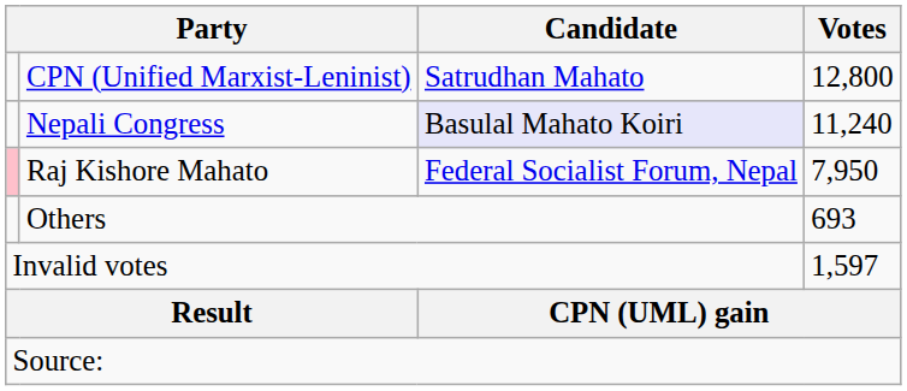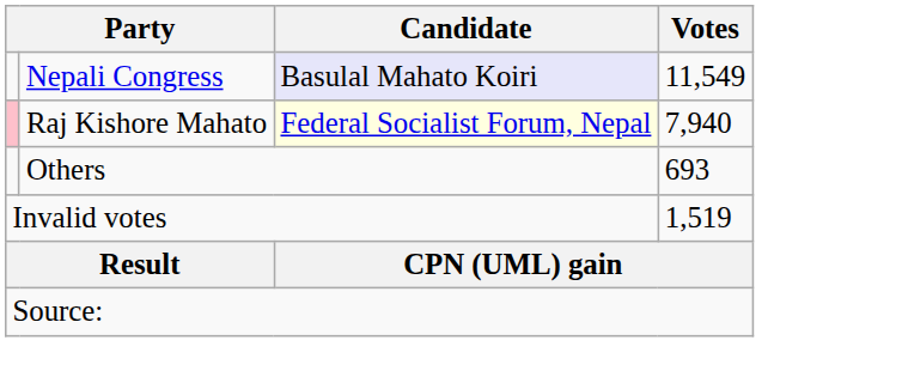 <table class="wikitable">
 <tr>
 <th colspan="2">Party</th>
 <th>Candidate</th>
 <th>Votes</th>
 </tr>
 <tr>
 <td style="background-color:"></td>
-<td><a href='#'>CPN (Unified Marxist-Leninist)</a></td>
-<td><a href='#'>Satrudhan Mahato</a></td>
-<td>12,800</td>
-</tr>
-<tr>
-<td style="background-color:"></td>
 <td><a href='#'>Nepali Congress</a></td>
 <td style="background: lavender;">Basulal Mahato Koiri</td>
-<td>11,240</td>
+<td>11,549</td>
 </tr>
 <tr>
 <td style="background-color:#ffc0cb"></td>
 <td>Raj Kishore Mahato</td>
-<td><a href='#'>Federal Socialist Forum, Nepal</a></td>
-<td>7,950</td>
+<td style="background: lightyellow;"><a href='#'>Federal Socialist Forum, Nepal</a></td>
+<td>7,940</td>
 </tr>
 <tr>
 <td></td>
 <td colspan="2">Others</td>
 <td>693</td>
 </tr>
 <tr>
 <td colspan="3">Invalid votes</td>
-<td>1,597</td>
+<td>1,519</td>
 </tr>
 <tr>
 <th colspan="2">Result</th>
 <th colspan="2">CPN (UML) gain</th>
 </tr>
 <tr>
 <td colspan="4">Source: </td>
 </tr>
 </table>
